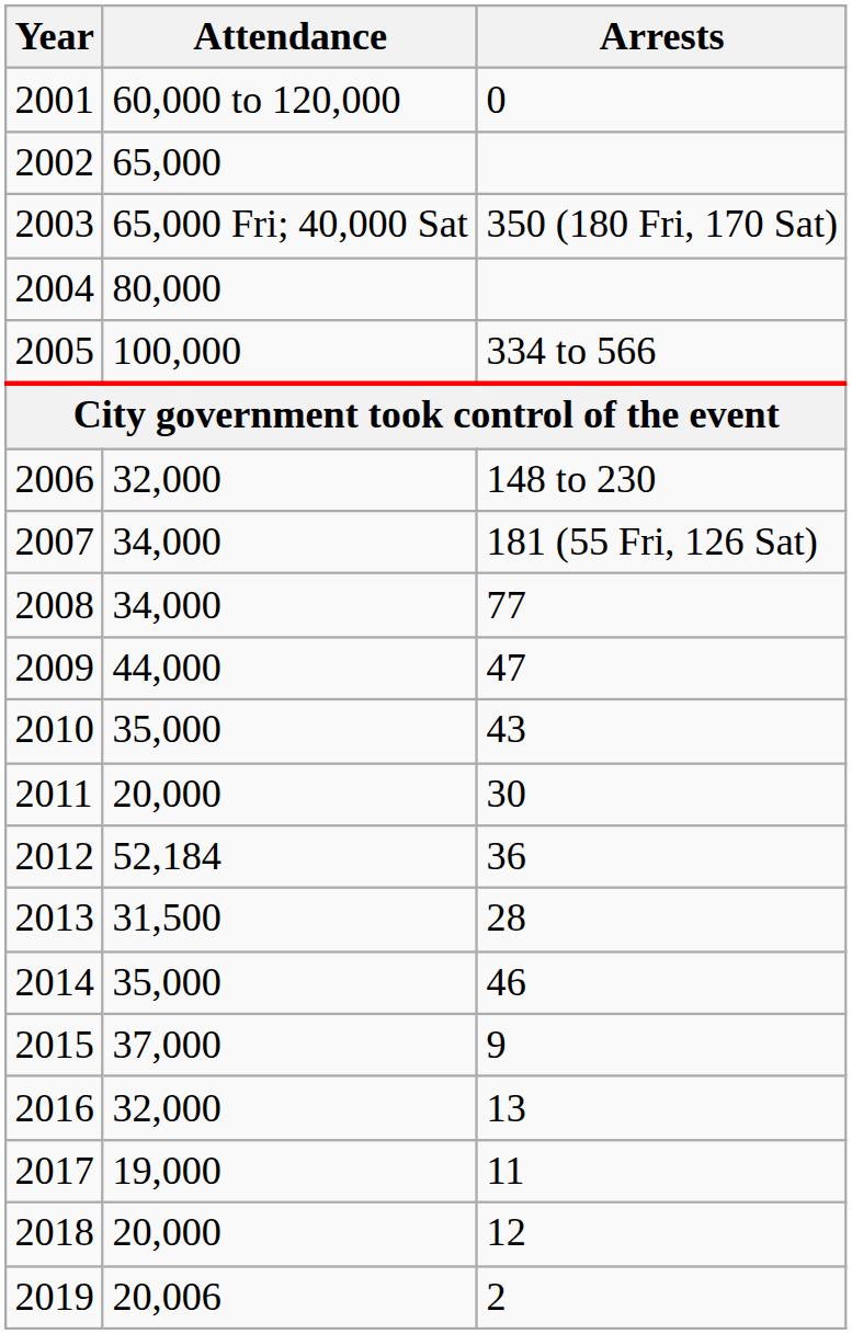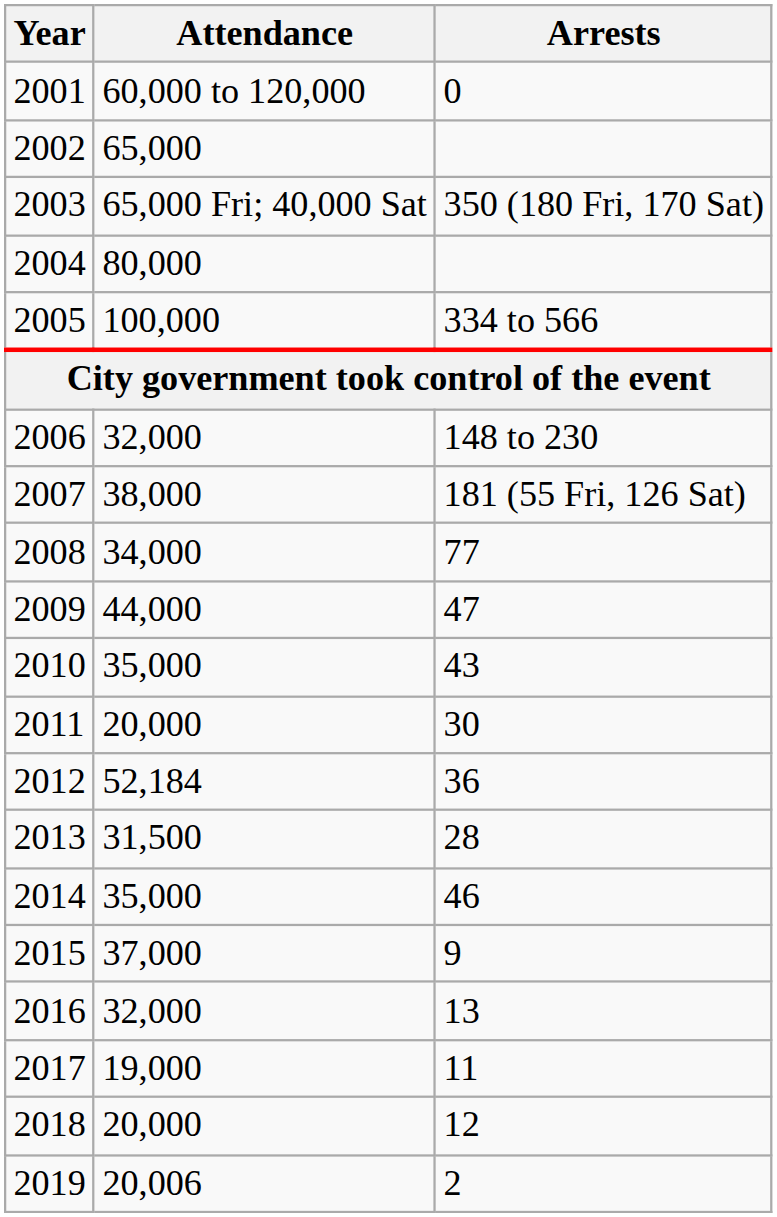 <table class="wikitable">
 <tr>
 <th>Year</th>
 <th>Attendance</th>
 <th>Arrests</th>
 </tr>
 <tr>
 <td>2001</td>
 <td>60,000 to 120,000</td>
 <td>0</td>
 </tr>
 <tr>
 <td>2002</td>
 <td>65,000</td>
 <td></td>
 </tr>
 <tr>
 <td>2003</td>
 <td>65,000 Fri; 40,000 Sat</td>
 <td>350 (180 Fri, 170 Sat)</td>
 </tr>
 <tr>
 <td>2004</td>
 <td>80,000</td>
 <td></td>
 </tr>
 <tr>
 <td>2005</td>
 <td>100,000</td>
 <td>334 to 566</td>
 </tr>
 <tr>
 <th align="center" colspan=4 style="border-top:2px solid red;">City government took control of the event</th>
 </tr>
 <tr>
 <td>2006</td>
 <td>32,000</td>
 <td>148 to 230</td>
 </tr>
 <tr>
 <td>2007</td>
-<td>34,000</td>
+<td>38,000</td>
 <td>181 (55 Fri, 126 Sat)</td>
 </tr>
 <tr>
 <td>2008</td>
 <td>34,000</td>
 <td>77</td>
 </tr>
 <tr>
 <td>2009</td>
 <td>44,000</td>
 <td>47</td>
 </tr>
 <tr>
 <td>2010</td>
 <td>35,000</td>
 <td>43</td>
 </tr>
 <tr>
 <td>2011</td>
 <td>20,000</td>
 <td>30</td>
 </tr>
 <tr>
 <td>2012</td>
 <td>52,184</td>
 <td>36</td>
 </tr>
 <tr>
 <td>2013</td>
 <td>31,500</td>
 <td>28</td>
 </tr>
 <tr>
 <td>2014</td>
 <td>35,000</td>
 <td>46</td>
 </tr>
 <tr>
 <td>2015</td>
 <td>37,000</td>
 <td>9</td>
 </tr>
 <tr>
 <td>2016</td>
 <td>32,000</td>
 <td>13</td>
 </tr>
 <tr>
 <td>2017</td>
 <td>19,000</td>
 <td>11</td>
 </tr>
 <tr>
 <td>2018</td>
 <td>20,000</td>
 <td>12</td>
 </tr>
 <tr>
 <td>2019</td>
 <td>20,006</td>
 <td>2</td>
 </tr>
 </table>
